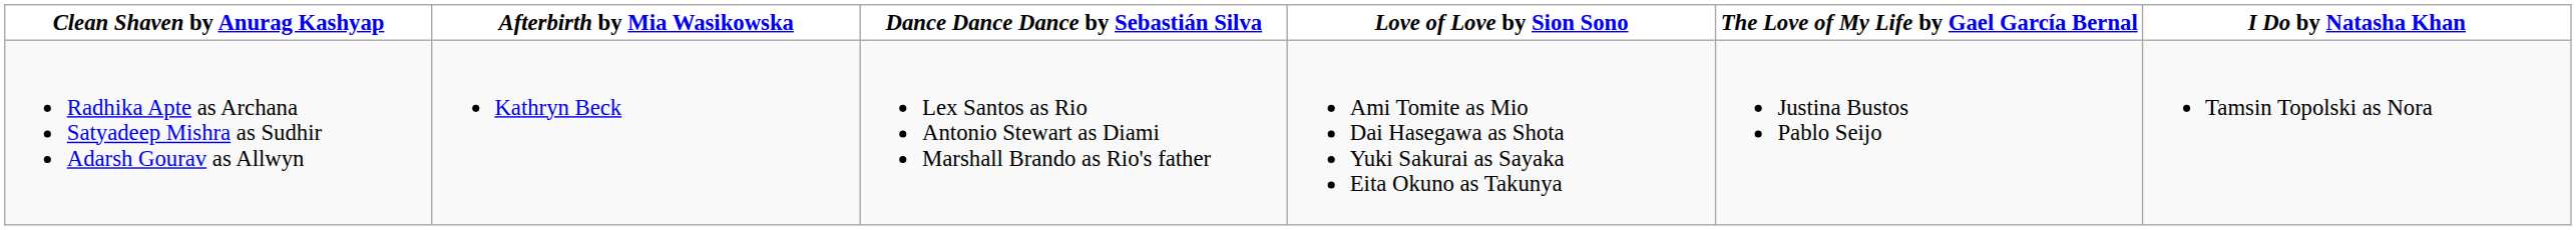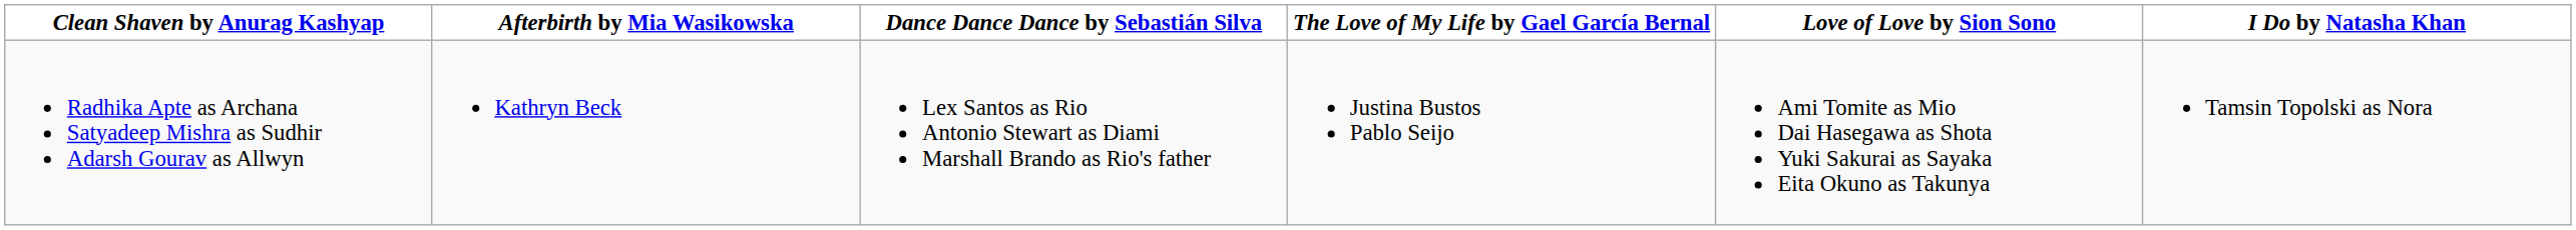 <table class=wikitable>
 <tr>
 <th style="background:#ffffff; width:16.66%"><em>Clean Shaven</em> by <a href='#'>Anurag Kashyap</a></th>
 <th style="background:#ffffff; width:16.66%"><em>Afterbirth</em> by <a href='#'>Mia Wasikowska</a></th>
 <th style="background:#ffffff; width:16.66%"><em>Dance Dance Dance</em> by <a href='#'>Sebastián Silva</a></th>
+<th style="background:#ffffff; width:16.66%"><em>The Love of My Life</em> by <a href='#'>Gael García Bernal</a></th>
 <th style="background:#ffffff; width:16.66%"><em>Love of Love</em> by <a href='#'>Sion Sono</a></th>
-<th style="background:#ffffff; width:16.66%"><em>The Love of My Life</em> by <a href='#'>Gael García Bernal</a></th>
 <th style="background:#ffffff; width:16.66%"><em>I Do</em> by <a href='#'>Natasha Khan</a></th>
 </tr>
 <tr>
 <td valign="top"><br><ul><li><a href='#'>Radhika Apte</a> as Archana</li><li><a href='#'>Satyadeep Mishra</a> as Sudhir</li><li><a href='#'>Adarsh Gourav</a> as Allwyn</li></ul></td>
 <td valign="top"><br><ul><li><a href='#'>Kathryn Beck</a></li></ul></td>
 <td valign="top"><br><ul><li>Lex Santos as Rio</li><li>Antonio Stewart as Diami</li><li>Marshall Brando as Rio's father</li></ul></td>
+<td valign="top"><br><ul><li>Justina Bustos</li><li>Pablo Seijo</li></ul></td>
 <td valign="top"><br><ul><li>Ami Tomite as Mio</li><li>Dai Hasegawa as Shota</li><li>Yuki Sakurai as Sayaka</li><li>Eita Okuno as Takunya</li></ul></td>
-<td valign="top"><br><ul><li>Justina Bustos</li><li>Pablo Seijo</li></ul></td>
 <td valign="top"><br><ul><li>Tamsin Topolski as Nora</li></ul></td>
 </tr>
 </table>
